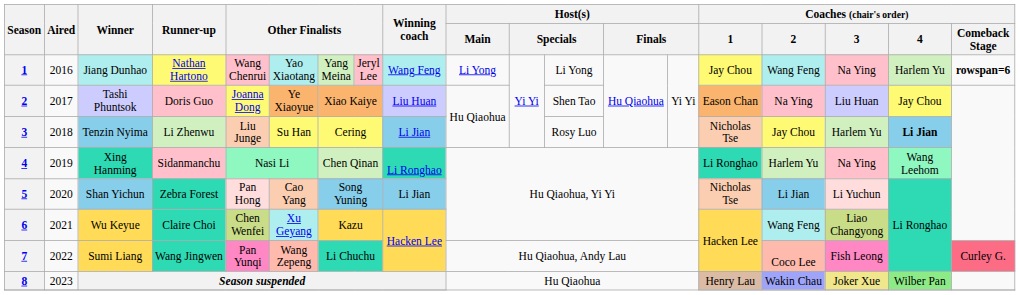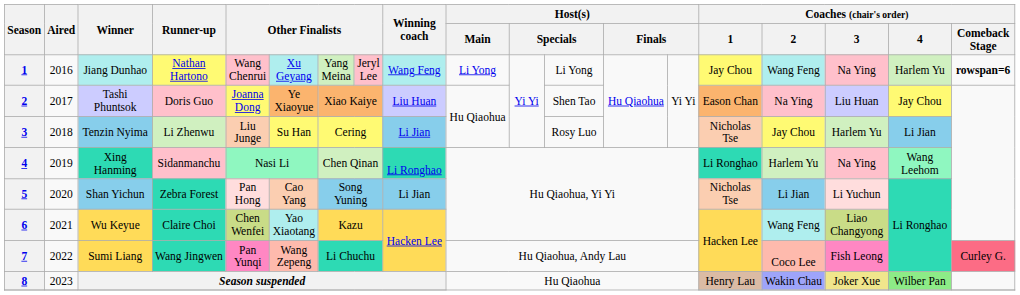 <table class="wikitable" style="text-align:center; font-size:90%; line-height:16px;" width="100%">
 <tr>
 <th rowspan="2" scope="col" width="1%">Season</th>
 <th width="02%" rowspan="2" scope="col">Aired</th>
 <th rowspan="2" scope="col" width="7%">Winner</th>
 <th rowspan="2" scope="col" width="7%">Runner-up</th>
 <th colspan="4" rowspan="2" scope="col" width="10%">Other Finalists</th>
 <th rowspan="2" scope="col" width="6%">Winning coach</th>
 <th colspan="5" scope="col">Host(s)</th>
 <th colspan="5" scope="col">Coaches <small>(chair's order)</small></th>
 </tr>
 <tr>
 <th scope="col" width="06%">Main</th>
 <th colspan=2 scope="col" width="09%">Specials</th>
 <th colspan=2 scope="col" width="09%">Finals</th>
 <th scope="col" width="06%">1</th>
 <th scope="col" width="06%">2</th>
 <th scope="col" width="06%">3</th>
 <th scope="col" width="06%">4</th>
 <th scope="col" width="06%">Comeback Stage</th>
 </tr>
 <tr>
 <th scope="row"><a href='#'>1</a></th>
 <td>2016</td>
 <td style="background:#afeeee;">Jiang Dunhao</td>
 <td style="background:#fffa73;"><a href='#'>Nathan Hartono</a></td>
 <td style="background:pink;">Wang Chenrui</td>
-<td style="background:#afeeee;">Yao Xiaotang</td>
+<td style="background:#afeeee;"><a href='#'>Xu Geyang</a></td>
 <td style="background:#d0f0c0;">Yang Meina</td>
 <td style="background:pink;">Jeryl Lee</td>
 <td style="background:#afeeee;"><a href='#'>Wang Feng</a></td>
 <td><a href='#'>Li Yong</a></td>
 <td rowspan=3><a href='#'>Yi Yi</a></td>
 <td>Li Yong</td>
 <td rowspan="3"><a href='#'>Hu Qiaohua</a></td>
 <td rowspan="3">Yi Yi</td>
 <td rowspan=1 style="background:#fffa73;">Jay Chou</td>
 <td style="background:#afeeee;">Wang Feng</td>
 <td style="background:pink;">Na Ying</td>
 <td style="background:#d0f0c0;">Harlem Yu</td>
 <td><strong>rowspan=6 </strong></td>
 </tr>
 <tr>
 <th scope="row"><a href='#'>2</a></th>
 <td>2017</td>
 <td style="background:#ccf;">Tashi Phuntsok</td>
 <td style="background:pink;">Doris Guo</td>
 <td style="background:#fffa73;"><a href='#'>Joanna Dong</a></td>
 <td style="background:#fbb46e;">Ye Xiaoyue</td>
 <td colspan=2 style="background:#fbb46e;">Xiao Kaiye</td>
 <td style="background:#ccf;"><a href='#'>Liu Huan</a></td>
 <td rowspan="2">Hu Qiaohua</td>
 <td>Shen Tao</td>
 <td style="background:#fbb46e;">Eason Chan</td>
 <td style="background:pink;">Na Ying</td>
 <td style="background:#ccf;">Liu Huan</td>
 <td rowspan=1 style="background:#fffa73;">Jay Chou</td>
 </tr>
 <tr>
 <th scope="row"><a href='#'>3</a></th>
 <td>2018</td>
 <td style="background:#87ceeb;">Tenzin Nyima</td>
 <td style="background:#d0f0c0;">Li Zhenwu</td>
 <td style="background:#fbceb1;">Liu Junge</td>
 <td style="background:#fffa73;">Su Han</td>
 <td colspan=2 style="background:#fffa73;">Cering</td>
 <td style="background:#87ceeb;"><a href='#'>Li Jian</a></td>
 <td>Rosy Luo</td>
 <td style="background:#fbceb1;">Nicholas Tse</td>
 <td rowspan=1 style="background:#fffa73;">Jay Chou</td>
 <td rowspan="1"  style="background:#d0f0c0;">Harlem Yu</td>
-<td style="background:#87ceeb;"><strong>Li Jian</strong></td>
+<td style="background:#87ceeb;">Li Jian</td>
 </tr>
 <tr>
 <th rowspan=1 scope="row"><a href='#'>4</a></th>
 <td>2019</td>
 <td style="background:#2ddab4;">Xing Hanming</td>
 <td style="background:pink;">Sidanmanchu</td>
 <td colspan=2 style="background: #8ff7c0;">Nasi Li</td>
 <td colspan=2 style="background:#d0f0c0;">Chen Qinan</td>
 <td style="background:#2ddab4;"><br><a href='#'>Li Ronghao</a></td>
 <td rowspan="3" colspan="5">Hu Qiaohua, Yi Yi</td>
 <td rowspan=1 style="background:#2ddab4;">Li Ronghao</td>
 <td rowspan="1" style="background:#d0f0c0;">Harlem Yu</td>
 <td style="background:pink;">Na Ying</td>
 <td style="background:#8ff7c0;">Wang Leehom</td>
 </tr>
 <tr>
 <th><a href='#'>5</a></th>
 <td>2020</td>
 <td style="background:#87ceeb;">Shan Yichun</td>
 <td style="background:#2ddab4;">Zebra Forest</td>
 <td style="background:#ffdddd;">Pan Hong</td>
 <td style="background:#fbceb1;">Cao Yang</td>
 <td colspan=2 style="background:#87ceeb;">Song Yuning</td>
 <td rowspan=1 style="background:#87ceeb;">Li Jian</td>
 <td rowspan=1 style="background:#fbceb1;">Nicholas Tse</td>
 <td rowspan=1 style="background:#87ceeb;">Li Jian</td>
 <td style="background:#fdd;">Li Yuchun</td>
 <td rowspan="3" style="background:#2ddab4;">Li Ronghao</td>
 </tr>
 <tr>
 <th scope="row"><a href='#'>6</a></th>
 <td>2021</td>
 <td style="background:#ffdb58;">Wu Keyue</td>
 <td style="background:#2ddab4;">Claire Choi</td>
 <td style="background:#C9DC87;">Chen Wenfei</td>
-<td style="background:#afeeee;"><a href='#'>Xu Geyang</a></td>
+<td style="background:#afeeee;">Yao Xiaotang</td>
 <td colspan=2 style="background:#ffdb58;">Kazu</td>
 <td rowspan=2 style="background:#ffdb58;"><a href='#'>Hacken Lee</a></td>
 <td rowspan="2" style="background:#ffdb58;">Hacken Lee</td>
 <td style="background:#afeeee;">Wang Feng</td>
 <td style="background:#C9DC87;">Liao Changyong</td>
 </tr>
 <tr>
 <th scope="row"><a href='#'>7</a></th>
 <td>2022</td>
 <td style="background:#ffdb58;">Sumi Liang</td>
 <td style="background:#2ddab4;">Wang Jingwen</td>
 <td style="background:#FF87C3;">Pan Yunqi</td>
 <td style="background:#febaad;">Wang Zepeng</td>
 <td colspan=2 style="background: #2ddab4;">Li Chuchu</td>
 <td colspan="5">Hu Qiaohua, Andy Lau</td>
 <td style="background:#febaad;"><br>Coco Lee</td>
 <td style="background:#FF87C3;">Fish Leong</td>
 <td rowspan="1" bgcolor="#FC6C85"> Curley G.</td>
 </tr>
 <tr>
 <th scope="row"><a href='#'>8</a></th>
 <td>2023</td>
 <th colspan="7"><em>Season suspended</em></th>
 <td colspan="5" rowspan="4">Hu Qiaohua</td>
 <td style="background:#dbbba4;">Henry Lau</td>
 <td style="background:#9ea4fa;">Wakin Chau</td>
 <td style="background:khaki;">Joker Xue</td>
 <td style="background:#8deb87;">Wilber Pan</td>
 <td></td>
 </tr>
 <tr>
 </tr>
 </table>
